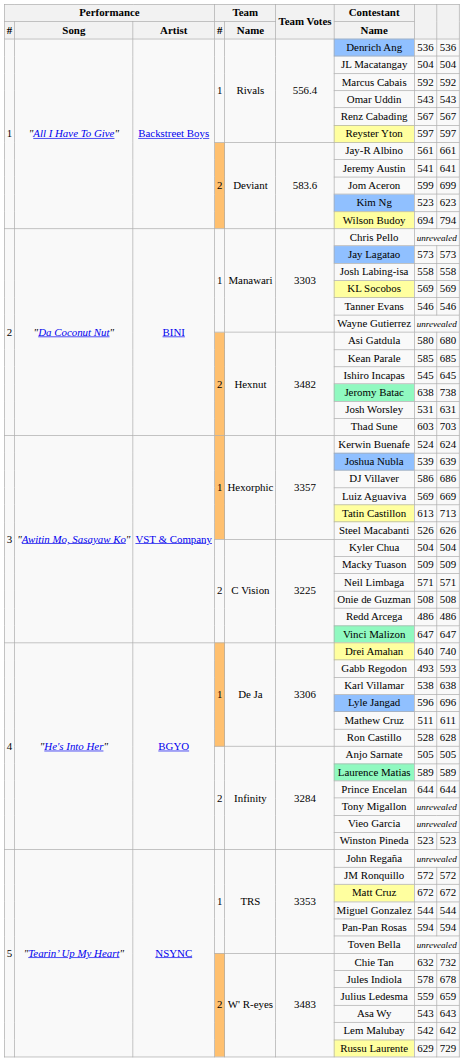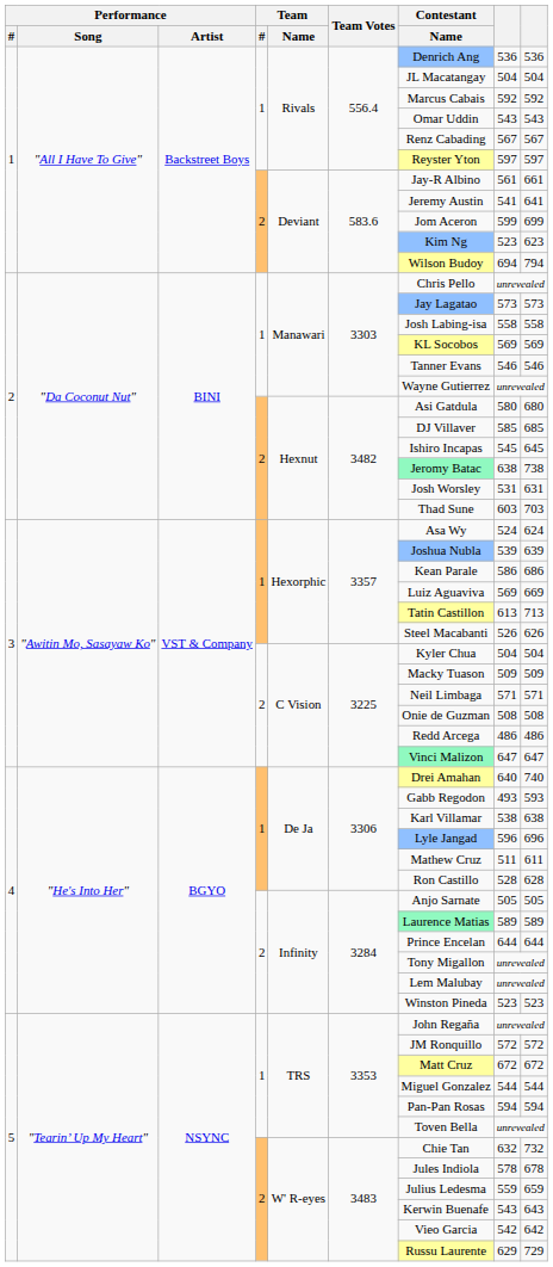 <table class="wikitable sortable" style="text-align:center;">
 <tr>
 <th colspan="3">Performance</th>
 <th colspan="2">Team</th>
 <th class=unsortable rowspan="2">Team Votes</th>
 <th>Contestant</th>
 <th rowspan="2"></th>
 <th rowspan="2"></th>
 </tr>
 <tr>
 <th class=unsortable>#</th>
 <th class=unsortable>Song</th>
 <th class=unsortable>Artist</th>
 <th class=unsortable>#</th>
 <th class=unsortable>Name</th>
 <th class=unsortable>Name</th>
 </tr>
 <tr>
 <td rowspan="11">1</td>
 <td rowspan="11"><em>"<a href='#'>All I Have To Give</a>"</em></td>
 <td rowspan="11"><a href='#'>Backstreet Boys</a></td>
 <td rowspan="6">1</td>
 <td rowspan="6">Rivals</td>
 <td rowspan="6">556.4</td>
 <td style="background:#90C0FF">Denrich Ang</td>
 <td>536</td>
 <td>536</td>
 </tr>
 <tr>
 <td>JL Macatangay</td>
 <td>504<small></small></td>
 <td>504<small></small></td>
 </tr>
 <tr>
 <td>Marcus Cabais</td>
 <td>592</td>
 <td>592</td>
 </tr>
 <tr>
 <td>Omar Uddin</td>
 <td>543</td>
 <td>543</td>
 </tr>
 <tr>
 <td>Renz Cabading</td>
 <td>567</td>
 <td>567</td>
 </tr>
 <tr>
 <td style="background:#FFFF9F">Reyster Yton</td>
 <td>597</td>
 <td>597</td>
 </tr>
 <tr>
 <td rowspan="5"; style="background:#FFC06F">2</td>
 <td rowspan="5">Deviant</td>
 <td rowspan="5">583.6</td>
 <td>Jay-R Albino</td>
 <td>561</td>
 <td>661</td>
 </tr>
 <tr>
 <td>Jeremy Austin</td>
 <td>541</td>
 <td>641</td>
 </tr>
 <tr>
 <td>Jom Aceron</td>
 <td>599</td>
 <td>699</td>
 </tr>
 <tr>
 <td style="background:#90C0FF">Kim Ng</td>
 <td>523</td>
 <td>623</td>
 </tr>
 <tr>
 <td style="background:#FFFF9F">Wilson Budoy</td>
 <td>694</td>
 <td>794</td>
 </tr>
 <tr>
 <td rowspan="12">2</td>
 <td rowspan="12"><em>"<a href='#'>Da Coconut Nut</a>"</em></td>
 <td rowspan="12"><a href='#'>BINI</a></td>
 <td rowspan="6">1</td>
 <td rowspan="6">Manawari</td>
 <td rowspan="6">3303</td>
 <td>Chris Pello</td>
 <td colspan="2"><small><em>unrevealed</em> </small></td>
 </tr>
 <tr>
 <td style="background:#90C0FF">Jay Lagatao</td>
 <td>573</td>
 <td>573</td>
 </tr>
 <tr>
 <td>Josh Labing-isa</td>
 <td>558</td>
 <td>558</td>
 </tr>
 <tr>
 <td style="background:#FFFF9F">KL Socobos</td>
 <td>569</td>
 <td>569</td>
 </tr>
 <tr>
 <td>Tanner Evans</td>
 <td>546</td>
 <td>546</td>
 </tr>
 <tr>
 <td>Wayne Gutierrez</td>
 <td colspan="2"><small><em>unrevealed</em> </small></td>
 </tr>
 <tr>
 <td rowspan="6"; style="background:#FFC06F">2</td>
 <td rowspan="6">Hexnut</td>
 <td rowspan="6">3482</td>
 <td>Asi Gatdula</td>
 <td>580</td>
 <td>680</td>
 </tr>
 <tr>
-<td>Kean Parale</td>
+<td>DJ Villaver</td>
 <td>585</td>
 <td>685</td>
 </tr>
 <tr>
 <td>Ishiro Incapas</td>
 <td>545</td>
 <td>645</td>
 </tr>
 <tr>
 <td style="background:#90F9C0">Jeromy Batac</td>
 <td>638</td>
 <td>738</td>
 </tr>
 <tr>
 <td>Josh Worsley</td>
 <td>531</td>
 <td>631</td>
 </tr>
 <tr>
 <td>Thad Sune</td>
 <td>603</td>
 <td>703</td>
 </tr>
 <tr>
 <td rowspan="12">3</td>
 <td rowspan="12"><em>"<a href='#'>Awitin Mo, Sasayaw Ko</a>"</em></td>
 <td rowspan="12"><a href='#'>VST & Company</a></td>
 <td rowspan="6"; style="background:#FFC06F">1</td>
 <td rowspan="6">Hexorphic</td>
 <td rowspan="6">3357</td>
-<td>Kerwin Buenafe</td>
+<td>Asa Wy</td>
 <td>524</td>
 <td>624</td>
 </tr>
 <tr>
 <td style="background:#90C0FF">Joshua Nubla</td>
 <td>539</td>
 <td>639</td>
 </tr>
 <tr>
-<td>DJ Villaver</td>
+<td>Kean Parale</td>
 <td>586</td>
 <td>686</td>
 </tr>
 <tr>
 <td>Luiz Aguaviva</td>
 <td>569</td>
 <td>669</td>
 </tr>
 <tr>
 <td style="background:#FFFF9F">Tatin Castillon</td>
 <td>613</td>
 <td>713</td>
 </tr>
 <tr>
 <td>Steel Macabanti</td>
 <td>526</td>
 <td>626</td>
 </tr>
 <tr>
 <td rowspan="6">2</td>
 <td rowspan="6">C Vision</td>
 <td rowspan="6">3225</td>
 <td>Kyler Chua</td>
 <td>504</td>
 <td>504</td>
 </tr>
 <tr>
 <td>Macky Tuason</td>
 <td>509</td>
 <td>509</td>
 </tr>
 <tr>
 <td>Neil Limbaga</td>
 <td>571</td>
 <td>571</td>
 </tr>
 <tr>
 <td>Onie de Guzman</td>
 <td>508</td>
 <td>508</td>
 </tr>
 <tr>
 <td>Redd Arcega</td>
 <td>486  <small></small></td>
 <td>486  <small></small></td>
 </tr>
 <tr>
 <td style="background:#90F9C0">Vinci Malizon</td>
 <td>647</td>
 <td>647</td>
 </tr>
 <tr>
 <td rowspan="12">4</td>
 <td rowspan="12"><em>"<a href='#'>He's Into Her</a>"</em></td>
 <td rowspan="12"><a href='#'>BGYO</a></td>
 <td rowspan="6"; style="background:#FFC06F">1</td>
 <td rowspan="6">De Ja</td>
 <td rowspan="6">3306</td>
 <td style="background:#FFFF9F">Drei Amahan</td>
 <td>640</td>
 <td>740</td>
 </tr>
 <tr>
 <td>Gabb Regodon</td>
 <td>493</td>
 <td>593</td>
 </tr>
 <tr>
 <td>Karl Villamar</td>
 <td>538</td>
 <td>638</td>
 </tr>
 <tr>
 <td style="background:#90C0FF">Lyle Jangad</td>
 <td>596</td>
 <td>696</td>
 </tr>
 <tr>
 <td>Mathew Cruz</td>
 <td>511</td>
 <td>611</td>
 </tr>
 <tr>
 <td>Ron Castillo</td>
 <td>528</td>
 <td>628</td>
 </tr>
 <tr>
 <td rowspan="6">2</td>
 <td rowspan="6">Infinity</td>
 <td rowspan="6">3284</td>
 <td>Anjo Sarnate</td>
 <td>505</td>
 <td>505</td>
 </tr>
 <tr>
 <td style="background:#90F9C0">Laurence Matias</td>
 <td>589</td>
 <td>589</td>
 </tr>
 <tr>
 <td>Prince Encelan</td>
 <td>644</td>
 <td>644</td>
 </tr>
 <tr>
 <td>Tony Migallon</td>
 <td colspan="2"><small><em>unrevealed</em> </small></td>
 </tr>
 <tr>
-<td>Vieo Garcia</td>
+<td>Lem Malubay</td>
 <td colspan="2"><small><em>unrevealed</em> </small></td>
 </tr>
 <tr>
 <td>Winston Pineda</td>
 <td>523</td>
 <td>523</td>
 </tr>
 <tr>
 <td rowspan="12">5</td>
 <td rowspan="12"><em>"<a href='#'>Tearin’ Up My Heart</a>"</em></td>
 <td rowspan="12"><a href='#'>NSYNC</a></td>
 <td rowspan="6">1</td>
 <td rowspan="6">TRS</td>
 <td rowspan="6">3353</td>
 <td>John Regaña</td>
 <td colspan="2"><small><em>unrevealed</em> </small></td>
 </tr>
 <tr>
 <td>JM Ronquillo</td>
 <td>572</td>
 <td>572</td>
 </tr>
 <tr>
 <td style="background:#FFFF9F">Matt Cruz</td>
 <td>672</td>
 <td>672</td>
 </tr>
 <tr>
 <td>Miguel Gonzalez</td>
 <td>544</td>
 <td>544</td>
 </tr>
 <tr>
 <td>Pan-Pan Rosas</td>
 <td>594</td>
 <td>594</td>
 </tr>
 <tr>
 <td>Toven Bella</td>
 <td colspan="2"><small><em>unrevealed</em> </small></td>
 </tr>
 <tr>
 <td rowspan="6"; style="background:#FFC06F">2</td>
 <td rowspan="6">W' R-eyes</td>
 <td rowspan="6">3483</td>
 <td>Chie Tan</td>
 <td>632</td>
 <td>732</td>
 </tr>
 <tr>
 <td>Jules Indiola</td>
 <td>578</td>
 <td>678</td>
 </tr>
 <tr>
 <td>Julius Ledesma</td>
 <td>559</td>
 <td>659</td>
 </tr>
 <tr>
-<td>Asa Wy</td>
+<td>Kerwin Buenafe</td>
 <td>543</td>
 <td>643</td>
 </tr>
 <tr>
-<td>Lem Malubay</td>
+<td>Vieo Garcia</td>
 <td>542</td>
 <td>642</td>
 </tr>
 <tr>
 <td style="background:#FFFF9F">Russu Laurente</td>
 <td>629 </td>
 <td>729 </td>
 </tr>
 </table>
